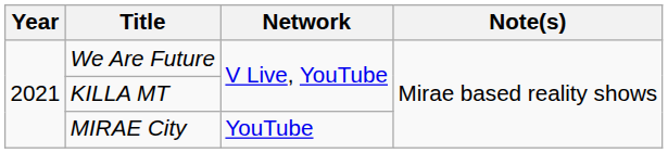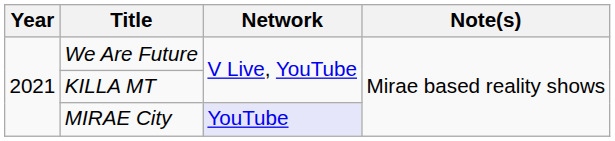 <table class="wikitable">
 <tr>
 <th scope="col">Year</th>
 <th scope="col">Title</th>
 <th>Network</th>
 <th>Note(s)</th>
 </tr>
 <tr>
 <td rowspan="3">2021</td>
 <td><em>We Are Future</em></td>
 <td rowspan="2"><a href='#'>V Live</a>, <a href='#'>YouTube</a></td>
 <td rowspan="3">Mirae based reality shows</td>
 </tr>
 <tr>
 <td><em>KILLA MT</em></td>
 </tr>
 <tr>
 <td><em>MIRAE City</em></td>
-<td><a href='#'>YouTube</a></td>
+<td style="background: lavender;"><a href='#'>YouTube</a></td>
 </tr>
 </table>
